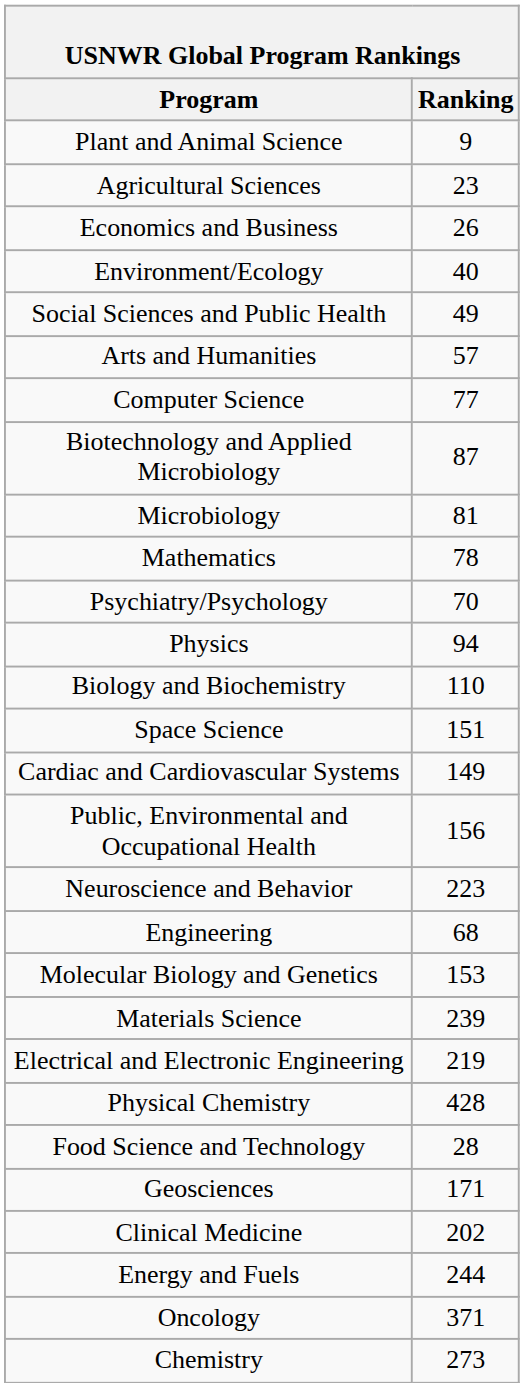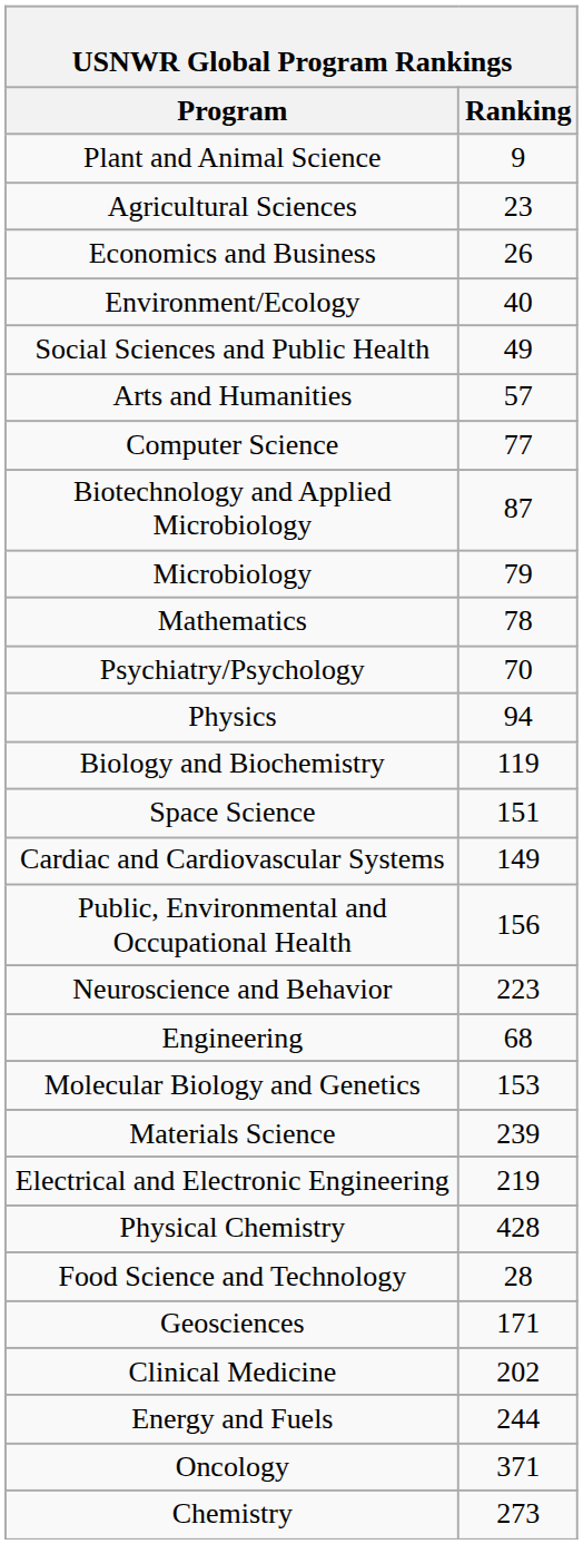 <table class="wikitable sortable collapsible collapsed" style="float:right; clear:right; text-align:center; font-size:85%; width:270px;">
 <tr>
 <th colspan="2"><br>USNWR Global Program Rankings</th>
 </tr>
 <tr>
 <th>Program</th>
 <th>Ranking</th>
 </tr>
 <tr>
 <td>Plant and Animal Science</td>
 <td>9</td>
 </tr>
 <tr>
 <td>Agricultural Sciences</td>
 <td>23</td>
 </tr>
 <tr>
 <td>Economics and Business</td>
 <td>26</td>
 </tr>
 <tr>
 <td>Environment/Ecology</td>
 <td>40</td>
 </tr>
 <tr>
 <td>Social Sciences and Public Health</td>
 <td>49</td>
 </tr>
 <tr>
 <td>Arts and Humanities</td>
 <td>57</td>
 </tr>
 <tr>
 <td>Computer Science</td>
 <td>77</td>
 </tr>
 <tr>
 <td>Biotechnology and Applied Microbiology</td>
 <td>87</td>
 </tr>
 <tr>
 <td>Microbiology</td>
-<td>81</td>
+<td>79</td>
 </tr>
 <tr>
 <td>Mathematics</td>
 <td>78</td>
 </tr>
 <tr>
 <td>Psychiatry/Psychology</td>
 <td>70</td>
 </tr>
 <tr>
 <td>Physics</td>
 <td>94</td>
 </tr>
 <tr>
 <td>Biology and Biochemistry</td>
-<td>110</td>
+<td>119</td>
 </tr>
 <tr>
 <td>Space Science</td>
 <td>151</td>
 </tr>
 <tr>
 <td>Cardiac and Cardiovascular Systems</td>
 <td>149</td>
 </tr>
 <tr>
 <td>Public, Environmental and Occupational Health</td>
 <td>156</td>
 </tr>
 <tr>
 <td>Neuroscience and Behavior</td>
 <td>223</td>
 </tr>
 <tr>
 <td>Engineering</td>
 <td>68</td>
 </tr>
 <tr>
 <td>Molecular Biology and Genetics</td>
 <td>153</td>
 </tr>
 <tr>
 <td>Materials Science</td>
 <td>239</td>
 </tr>
 <tr>
 <td>Electrical and Electronic Engineering</td>
 <td>219</td>
 </tr>
 <tr>
 <td>Physical Chemistry</td>
 <td>428</td>
 </tr>
 <tr>
 <td>Food Science and Technology</td>
 <td>28</td>
 </tr>
 <tr>
 <td>Geosciences</td>
 <td>171</td>
 </tr>
 <tr>
 <td>Clinical Medicine</td>
 <td>202</td>
 </tr>
 <tr>
 <td>Energy and Fuels</td>
 <td>244</td>
 </tr>
 <tr>
 <td>Oncology</td>
 <td>371</td>
 </tr>
 <tr>
 <td>Chemistry</td>
 <td>273</td>
 </tr>
 </table>
